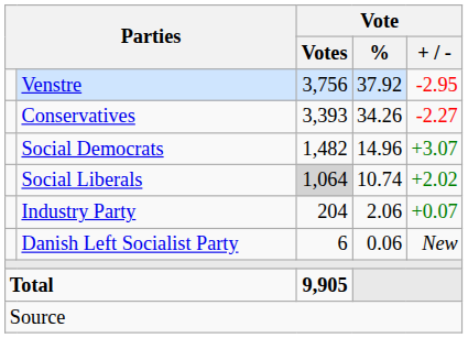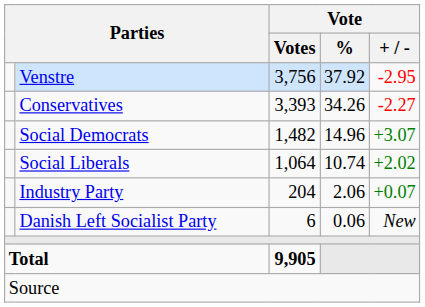 <table class="wikitable" style="text-align:right;">
 <tr>
 <th style="text-align:centre;" rowspan="2" colspan="2" width="225">Parties</th>
 <th colspan="3">Vote</th>
 </tr>
 <tr>
 <th width="15">Votes</th>
 <th width="15">%</th>
 <th width="15">+ / -</th>
 </tr>
 <tr>
 <td width="2" style="color:inherit;background:"></td>
 <td bgcolor=#cfe5fe  align="left"><a href='#'>Venstre</a></td>
 <td bgcolor=#cfe5fe>3,756</td>
 <td bgcolor=#cfe5fe>37.92</td>
 <td style=color:red;>-2.95</td>
 </tr>
 <tr>
 <td width="2" style="color:inherit;background:"></td>
 <td align="left"><a href='#'>Conservatives</a></td>
 <td>3,393</td>
 <td>34.26</td>
 <td style=color:red;>-2.27</td>
 </tr>
 <tr>
 <td width="2" style="color:inherit;background:"></td>
 <td align="left"><a href='#'>Social Democrats</a></td>
 <td>1,482</td>
 <td>14.96</td>
 <td style=color:green;>+3.07</td>
 </tr>
 <tr>
 <td width="2" style="color:inherit;background:"></td>
 <td align="left"><a href='#'>Social Liberals</a></td>
-<td style="background: lightgrey;">1,064</td>
+<td>1,064</td>
 <td>10.74</td>
 <td style=color:green;>+2.02</td>
 </tr>
 <tr>
 <td width="2" style="color:inherit;background:"></td>
 <td align="left"><a href='#'>Industry Party</a></td>
 <td>204</td>
 <td>2.06</td>
 <td style=color:green;>+0.07</td>
 </tr>
 <tr>
 <td width="2" style="color:inherit;background:"></td>
 <td align="left"><a href='#'>Danish Left Socialist Party</a></td>
 <td>6</td>
 <td>0.06</td>
 <td><em>New</em></td>
 </tr>
 <tr>
 <td colspan="7" bgcolor="#E9E9E9"></td>
 </tr>
 <tr>
 <td align="left" colspan="2"><strong>Total</strong></td>
 <td><strong>9,905</strong></td>
 <td bgcolor="#E9E9E9" colspan="2"></td>
 </tr>
 <tr>
 <td align="left" colspan="6">Source</td>
 </tr>
 </table>
